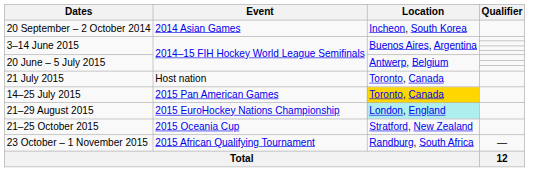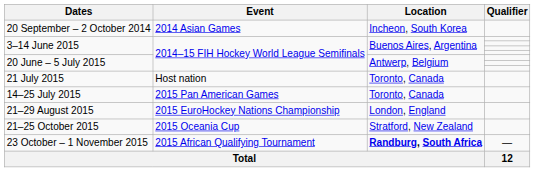 <table class=wikitable>
 <tr>
 <th>Dates</th>
 <th>Event</th>
 <th>Location</th>
 <th>Qualifier</th>
 </tr>
 <tr>
 <td>20 September – 2 October 2014</td>
 <td><a href='#'>2014 Asian Games</a></td>
 <td> <a href='#'>Incheon</a>, <a href='#'>South Korea</a></td>
 <td></td>
 </tr>
 <tr>
 <td rowspan="4">3–14 June 2015</td>
 <td rowspan="7"><a href='#'>2014–15 FIH Hockey World League Semifinals</a></td>
 <td rowspan="4"> <a href='#'>Buenos Aires</a>, <a href='#'>Argentina</a></td>
 <td></td>
 </tr>
 <tr>
 <td></td>
 </tr>
 <tr>
 <td></td>
 </tr>
 <tr>
 <td></td>
 </tr>
 <tr>
 <td rowspan="3">20 June – 5 July 2015</td>
 <td rowspan="3"> <a href='#'>Antwerp</a>, <a href='#'>Belgium</a></td>
 <td></td>
 </tr>
 <tr>
 <td></td>
 </tr>
 <tr>
 <td></td>
 </tr>
 <tr>
 <td>21 July 2015</td>
 <td>Host nation</td>
 <td> <a href='#'>Toronto</a>, <a href='#'>Canada</a></td>
 <td></td>
 </tr>
 <tr>
 <td>14–25 July 2015</td>
 <td><a href='#'>2015 Pan American Games</a></td>
-<td style="background: gold;"> <a href='#'>Toronto</a>, <a href='#'>Canada</a></td>
+<td> <a href='#'>Toronto</a>, <a href='#'>Canada</a></td>
 <td></td>
 </tr>
 <tr>
 <td>21–29 August 2015</td>
 <td><a href='#'>2015 EuroHockey Nations Championship</a></td>
-<td style="background: paleturquoise;"> <a href='#'>London</a>, <a href='#'>England</a></td>
+<td> <a href='#'>London</a>, <a href='#'>England</a></td>
 <td></td>
 </tr>
 <tr>
 <td>21–25 October 2015</td>
 <td><a href='#'>2015 Oceania Cup</a></td>
 <td> <a href='#'>Stratford</a>, <a href='#'>New Zealand</a></td>
 <td></td>
 </tr>
 <tr>
 <td>23 October – 1 November 2015</td>
 <td><a href='#'>2015 African Qualifying Tournament</a></td>
-<td> <a href='#'>Randburg</a>, <a href='#'>South Africa</a></td>
+<td><strong> <a href='#'>Randburg</a>, <a href='#'>South Africa</a></strong></td>
 <td style="text-align:center;">—</td>
 </tr>
 <tr>
 <th colspan="3">Total</th>
 <th>12</th>
 </tr>
 </table>
